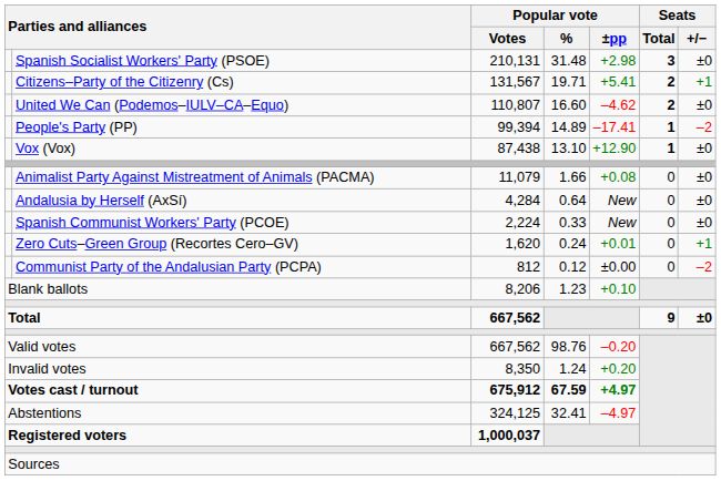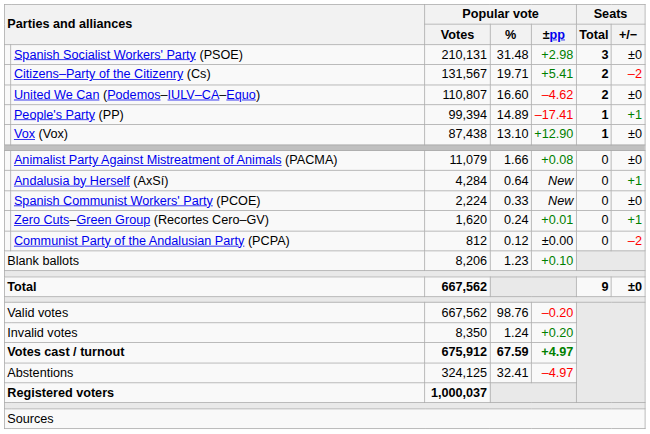 <table class="wikitable" style="text-align:right;">
 <tr>
 <th style="text-align:left;" rowspan="2" colspan="2" width="525">Parties and alliances</th>
 <th colspan="3">Popular vote</th>
 <th colspan="2">Seats</th>
 </tr>
 <tr>
 <th width="75">Votes</th>
 <th width="45">%</th>
 <th width="45">±<a href='#'>pp</a></th>
 <th width="35">Total</th>
 <th width="35">+/−</th>
 </tr>
 <tr>
 <td width="1" style="color:inherit;background:"></td>
 <td align="left"><a href='#'>Spanish Socialist Workers' Party</a> (PSOE)</td>
 <td>210,131</td>
 <td>31.48</td>
 <td style="color:green;">+2.98</td>
 <td><strong>3</strong></td>
 <td>±0</td>
 </tr>
 <tr>
 <td style="color:inherit;background:"></td>
 <td align="left"><a href='#'>Citizens–Party of the Citizenry</a> (Cs)</td>
 <td>131,567</td>
 <td>19.71</td>
 <td style="color:green;">+5.41</td>
 <td><strong>2</strong></td>
-<td style="color:green;">+1</td>
+<td style="color:red;">–2</td>
 </tr>
 <tr>
 <td style="color:inherit;background:"></td>
 <td align="left"><a href='#'>United We Can</a> (<a href='#'>Podemos</a>–<a href='#'>IULV–CA</a>–<a href='#'>Equo</a>)</td>
 <td>110,807</td>
 <td>16.60</td>
 <td style="color:red;">–4.62</td>
 <td><strong>2</strong></td>
 <td>±0</td>
 </tr>
 <tr>
 <td style="color:inherit;background:"></td>
 <td align="left"><a href='#'>People's Party</a> (PP)</td>
 <td>99,394</td>
 <td>14.89</td>
 <td style="color:red;">–17.41</td>
 <td><strong>1</strong></td>
-<td style="color:red;">–2</td>
+<td style="color:green;">+1</td>
 </tr>
 <tr>
 <td style="color:inherit;background:"></td>
 <td align="left"><a href='#'>Vox</a> (Vox)</td>
 <td>87,438</td>
 <td>13.10</td>
 <td style="color:green;">+12.90</td>
 <td><strong>1</strong></td>
 <td>±0</td>
 </tr>
 <tr>
 <td colspan="7" bgcolor="#C0C0C0"></td>
 </tr>
 <tr>
 <td style="color:inherit;background:"></td>
 <td align="left"><a href='#'>Animalist Party Against Mistreatment of Animals</a> (PACMA)</td>
 <td>11,079</td>
 <td>1.66</td>
 <td style="color:green;">+0.08</td>
 <td>0</td>
 <td>±0</td>
 </tr>
 <tr>
 <td style="color:inherit;background:"></td>
 <td align="left"><a href='#'>Andalusia by Herself</a> (AxSí)</td>
 <td>4,284</td>
 <td>0.64</td>
 <td><em>New</em></td>
 <td>0</td>
-<td>±0</td>
+<td style="color:green;">+1</td>
 </tr>
 <tr>
 <td style="color:inherit;background:"></td>
 <td align="left"><a href='#'>Spanish Communist Workers' Party</a> (PCOE)</td>
 <td>2,224</td>
 <td>0.33</td>
 <td><em>New</em></td>
 <td>0</td>
 <td>±0</td>
 </tr>
 <tr>
 <td style="color:inherit;background:"></td>
 <td align="left"><a href='#'>Zero Cuts</a>–<a href='#'>Green Group</a> (Recortes Cero–GV)</td>
 <td>1,620</td>
 <td>0.24</td>
 <td style="color:green;">+0.01</td>
 <td>0</td>
 <td style="color:green;">+1</td>
 </tr>
 <tr>
 <td style="color:inherit;background:"></td>
 <td align="left"><a href='#'>Communist Party of the Andalusian Party</a> (PCPA)</td>
 <td>812</td>
 <td>0.12</td>
 <td>±0.00</td>
 <td>0</td>
 <td style="color:red;">–2</td>
 </tr>
 <tr>
 <td align="left" colspan="2">Blank ballots</td>
 <td>8,206</td>
 <td>1.23</td>
 <td style="color:green;">+0.10</td>
 <td bgcolor="#E9E9E9" colspan="2"></td>
 </tr>
 <tr>
 <td colspan="7" bgcolor="#E9E9E9"></td>
 </tr>
 <tr style="font-weight:bold;">
 <td align="left" colspan="2">Total</td>
 <td>667,562</td>
 <td bgcolor="#E9E9E9" colspan="2"></td>
 <td>9</td>
 <td>±0</td>
 </tr>
 <tr>
 <td colspan="7" bgcolor="#E9E9E9"></td>
 </tr>
 <tr>
 <td align="left" colspan="2">Valid votes</td>
 <td>667,562</td>
 <td>98.76</td>
 <td style="color:red;">–0.20</td>
 <td bgcolor="#E9E9E9" colspan="2" rowspan="5"></td>
 </tr>
 <tr>
 <td align="left" colspan="2">Invalid votes</td>
 <td>8,350</td>
 <td>1.24</td>
 <td style="color:green;">+0.20</td>
 </tr>
 <tr style="font-weight:bold;">
 <td align="left" colspan="2">Votes cast / turnout</td>
 <td>675,912</td>
 <td>67.59</td>
 <td style="color:green;">+4.97</td>
 </tr>
 <tr>
 <td align="left" colspan="2">Abstentions</td>
 <td>324,125</td>
 <td>32.41</td>
 <td style="color:red;">–4.97</td>
 </tr>
 <tr style="font-weight:bold;">
 <td align="left" colspan="2">Registered voters</td>
 <td>1,000,037</td>
 <td bgcolor="#E9E9E9" colspan="2"></td>
 </tr>
 <tr>
 <td colspan="7" bgcolor="#E9E9E9"></td>
 </tr>
 <tr>
 <td align="left" colspan="7">Sources</td>
 </tr>
 </table>
